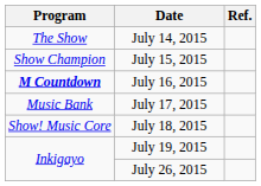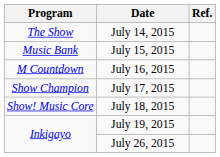 <table class="wikitable sortable" style="text-align:center">
 <tr>
 <th>Program</th>
 <th width="120">Date</th>
 <th class="unsortable">Ref.</th>
 </tr>
 <tr>
 <td><em><a href='#'>The Show</a></em></td>
 <td>July 14, 2015</td>
 <td></td>
 </tr>
 <tr>
-<td><em><a href='#'>Show Champion</a></em></td>
+<td><em><a href='#'>Music Bank</a></em></td>
 <td>July 15, 2015</td>
 <td></td>
 </tr>
 <tr>
-<td><strong><em><a href='#'>M Countdown</a></em></strong></td>
+<td><em><a href='#'>M Countdown</a></em></td>
 <td>July 16, 2015</td>
 <td></td>
 </tr>
 <tr>
-<td><em><a href='#'>Music Bank</a></em></td>
+<td><em><a href='#'>Show Champion</a></em></td>
 <td>July 17, 2015</td>
 <td></td>
 </tr>
 <tr>
 <td><em><a href='#'>Show! Music Core</a></em></td>
 <td>July 18, 2015</td>
 <td></td>
 </tr>
 <tr>
 <td rowspan="2"><em><a href='#'>Inkigayo</a></em></td>
 <td>July 19, 2015</td>
 <td></td>
 </tr>
 <tr>
 <td>July 26, 2015</td>
 <td></td>
 </tr>
 </table>
